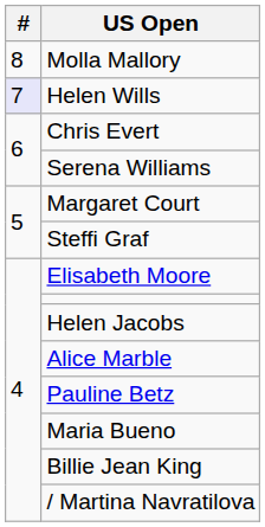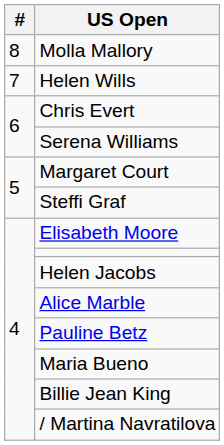 <table class="wikitable">
 <tr>
 <th style="width:18px;">#</th>
 <th>US Open</th>
 </tr>
 <tr>
 <td>8</td>
 <td> Molla Mallory</td>
 </tr>
 <tr>
-<td style="background: lavender;">7</td>
+<td>7</td>
 <td> Helen Wills</td>
 </tr>
 <tr>
 <td rowspan="2">6</td>
 <td> Chris Evert</td>
 </tr>
 <tr>
 <td> Serena Williams</td>
 </tr>
 <tr>
 <td rowspan="2">5</td>
 <td> Margaret Court</td>
 </tr>
 <tr>
 <td> Steffi Graf</td>
 </tr>
 <tr>
 <td rowspan="8">4</td>
 <td> <a href='#'>Elisabeth Moore</a></td>
 </tr>
 <tr>
 <td></td>
 </tr>
 <tr>
 <td> Helen Jacobs</td>
 </tr>
 <tr>
 <td> <a href='#'>Alice Marble</a></td>
 </tr>
 <tr>
 <td> <a href='#'>Pauline Betz</a></td>
 </tr>
 <tr>
 <td> Maria Bueno</td>
 </tr>
 <tr>
 <td> Billie Jean King</td>
 </tr>
 <tr>
 <td>/ Martina Navratilova<br></td>
 </tr>
 </table>
